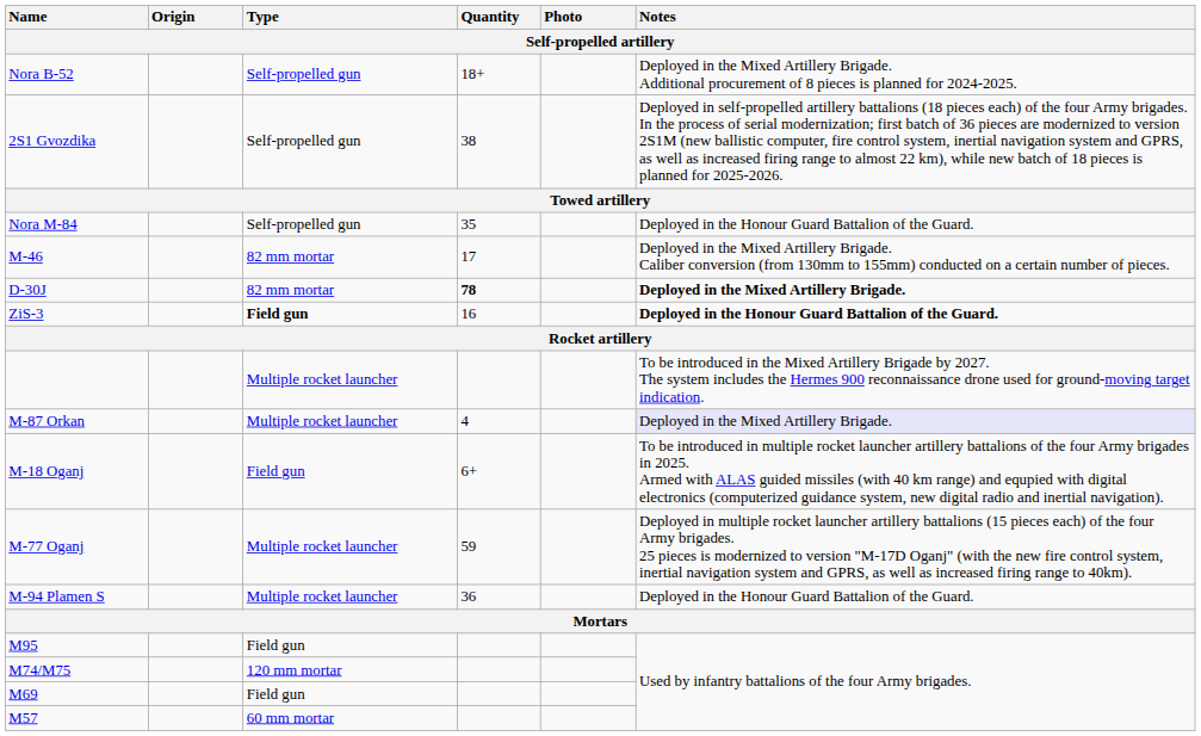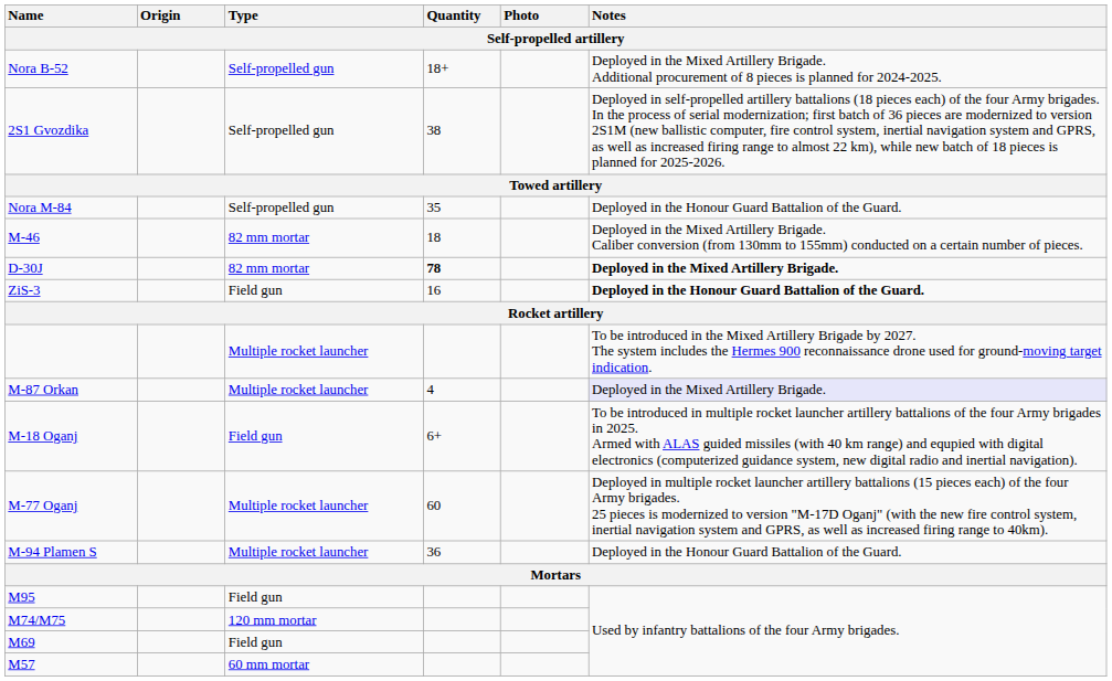 <table class="wikitable">
 <tr>
 <th style="text-align: left; width:12%;">Name</th>
 <th style="text-align: left; width:8%;">Origin</th>
 <th style="text-align: left; width:18%;">Type</th>
 <th style="text-align: left; width:7%;">Quantity</th>
 <th style="text-align: left;width:8%;">Photo</th>
 <th style="text-align: left;width:47%;">Notes</th>
 </tr>
 <tr>
 <th style="align: center;" colspan="7">Self-propelled artillery</th>
 </tr>
 <tr>
 <td><a href='#'>Nora B-52</a></td>
 <td></td>
 <td><a href='#'>Self-propelled gun</a></td>
 <td>18+</td>
 <td></td>
 <td>Deployed in the Mixed Artillery Brigade.<br>Additional procurement of 8 pieces is planned for 2024-2025.</td>
 </tr>
 <tr>
 <td><a href='#'>2S1 Gvozdika</a></td>
 <td></td>
 <td>Self-propelled gun</td>
 <td>38</td>
 <td></td>
 <td>Deployed in self-propelled artillery battalions (18 pieces each) of the four Army brigades.<br>In the process of serial modernization; first batch of 36 pieces are modernized to version 2S1M (new ballistic computer, fire control system, inertial navigation system and GPRS, as well as increased firing range to almost 22 km), while new batch of 18 pieces is planned for 2025-2026.</td>
 </tr>
 <tr>
 <th style="align: center;" colspan="7">Towed artillery</th>
 </tr>
 <tr>
 <td><a href='#'>Nora M-84</a></td>
 <td></td>
 <td>Self-propelled gun</td>
 <td>35</td>
 <td></td>
 <td>Deployed in the Honour Guard Battalion of the Guard.</td>
 </tr>
 <tr>
 <td><a href='#'>M-46</a></td>
 <td></td>
 <td><a href='#'>82 mm mortar</a></td>
-<td>17</td>
+<td>18</td>
 <td></td>
 <td>Deployed in the Mixed Artillery Brigade.<br>Caliber conversion (from 130mm to 155mm) conducted on a certain number of pieces.</td>
 </tr>
 <tr>
 <td><a href='#'>D-30J</a></td>
 <td></td>
 <td><a href='#'>82 mm mortar</a></td>
 <td><strong>78</strong></td>
 <td></td>
 <td><strong>Deployed in the Mixed Artillery Brigade.</strong></td>
 </tr>
 <tr>
 <td><a href='#'>ZiS-3</a></td>
 <td></td>
-<td><strong>Field gun</strong></td>
+<td>Field gun</td>
 <td>16</td>
 <td></td>
 <td><strong>Deployed in the Honour Guard Battalion of the Guard.</strong></td>
 </tr>
 <tr>
 <th style="align: center;" colspan="7">Rocket artillery</th>
 </tr>
 <tr>
 <td></td>
 <td></td>
 <td><a href='#'>Multiple rocket launcher</a></td>
 <td></td>
 <td></td>
 <td>To be introduced in the Mixed Artillery Brigade by 2027.<br>The system includes the <a href='#'>Hermes 900</a> reconnaissance drone used for ground-<a href='#'>moving target indication</a>.</td>
 </tr>
 <tr>
 <td><a href='#'>M-87 Orkan</a></td>
 <td></td>
 <td><a href='#'>Multiple rocket launcher</a></td>
 <td>4</td>
 <td></td>
 <td style="background: lavender;">Deployed in the Mixed Artillery Brigade.</td>
 </tr>
 <tr>
 <td><a href='#'>M-18 Oganj</a></td>
 <td></td>
 <td><a href='#'>Field gun</a></td>
 <td>6+</td>
 <td></td>
 <td>To be introduced in multiple rocket launcher artillery battalions of the four Army brigades in 2025.<br>Armed with <a href='#'>ALAS</a> guided missiles (with 40 km range) and equpied with digital electronics (computerized guidance system, new digital radio and inertial navigation).</td>
 </tr>
 <tr>
 <td><a href='#'>M-77 Oganj</a></td>
 <td><br></td>
 <td><a href='#'>Multiple rocket launcher</a></td>
-<td>59</td>
+<td>60</td>
 <td></td>
 <td>Deployed in multiple rocket launcher artillery battalions (15 pieces each) of the four Army brigades.<br>25 pieces is modernized to version "M-17D Oganj" (with the new fire control system, inertial navigation system and GPRS, as well as increased firing range to 40km).</td>
 </tr>
 <tr>
 <td><a href='#'>M-94 Plamen S</a></td>
 <td></td>
 <td><a href='#'>Multiple rocket launcher</a></td>
 <td>36</td>
 <td></td>
 <td>Deployed in the Honour Guard Battalion of the Guard.</td>
 </tr>
 <tr>
 <th style="align: center;" colspan="7">Mortars</th>
 </tr>
 <tr>
 <td><a href='#'>M95</a></td>
 <td></td>
 <td>Field gun</td>
 <td></td>
 <td></td>
 <td rowspan="4">Used by infantry battalions of the four Army brigades.</td>
 </tr>
 <tr>
 <td><a href='#'>M74/M75</a></td>
 <td></td>
 <td><a href='#'>120 mm mortar</a></td>
 <td></td>
 <td></td>
 </tr>
 <tr>
 <td><a href='#'>M69</a></td>
 <td></td>
 <td>Field gun</td>
 <td></td>
 <td></td>
 </tr>
 <tr>
 <td><a href='#'>M57</a></td>
 <td></td>
 <td><a href='#'>60 mm mortar</a></td>
 <td></td>
 <td></td>
 </tr>
 </table>
